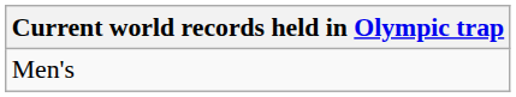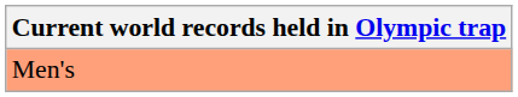 <table class="wikitable" style="font-size: 95%">
 <tr>
 <th colspan=7>Current world records held in <a href='#'>Olympic trap</a></th>
 </tr>
 <tr>
-<td>Men's<br></td>
+<td style="background: lightsalmon;">Men's<br></td>
 </tr>
 </table>
